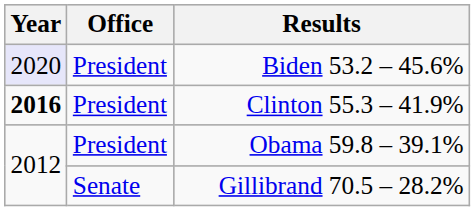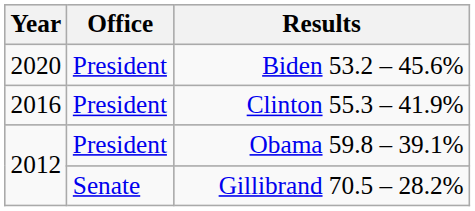 <table class=wikitable>
 <tr>
 <th width="30">Year</th>
 <th width="60">Office</th>
 <th width="180">Results</th>
 </tr>
 <tr>
-<td style="background: lavender;">2020</td>
+<td>2020</td>
 <td><a href='#'>President</a></td>
 <td align="right" ><a href='#'>Biden</a> 53.2 – 45.6%</td>
 </tr>
 <tr>
-<td><strong>2016</strong></td>
+<td>2016</td>
 <td><a href='#'>President</a></td>
 <td align="right" ><a href='#'>Clinton</a> 55.3 – 41.9%</td>
 </tr>
 <tr>
 <td rowspan="2">2012</td>
 <td><a href='#'>President</a></td>
 <td align="right" ><a href='#'>Obama</a> 59.8 – 39.1%</td>
 </tr>
 <tr>
 <td><a href='#'>Senate</a></td>
 <td align="right" ><a href='#'>Gillibrand</a> 70.5 – 28.2%</td>
 </tr>
 </table>
